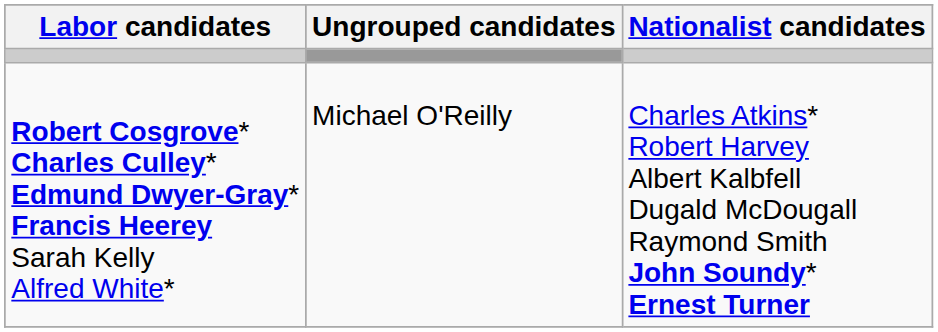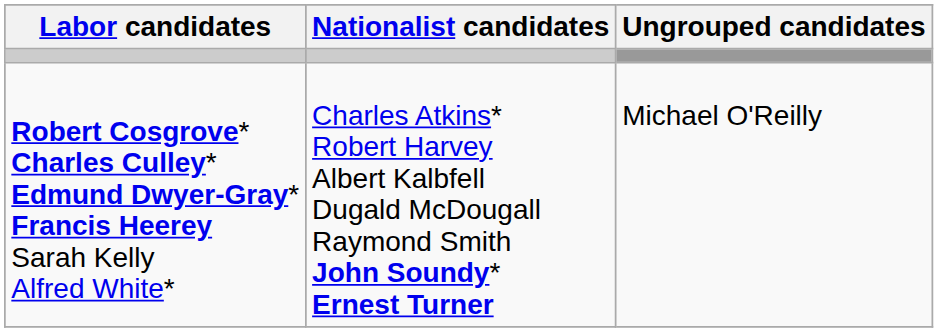 <table class="wikitable">
 <tr>
 <th><a href='#'>Labor</a> candidates</th>
+<th><a href='#'>Nationalist</a> candidates</th>
 <th>Ungrouped candidates</th>
-<th><a href='#'>Nationalist</a> candidates</th>
 </tr>
 <tr bgcolor="#cccccc">
 <td></td>
+<td></td>
 <td bgcolor="#999999"></td>
-<td></td>
 </tr>
 <tr>
 <td><br><strong><a href='#'>Robert Cosgrove</a></strong>*<br> <strong><a href='#'>Charles Culley</a></strong>*<br> <strong><a href='#'>Edmund Dwyer-Gray</a></strong>*<br> <strong><a href='#'>Francis Heerey</a></strong><br> Sarah Kelly<br> <a href='#'>Alfred White</a>*</td>
+<td><br><a href='#'>Charles Atkins</a>*<br> <a href='#'>Robert Harvey</a><br> Albert Kalbfell<br> Dugald McDougall<br> Raymond Smith<br> <strong><a href='#'>John Soundy</a></strong>*<br> <strong><a href='#'>Ernest Turner</a></strong></td>
 <td valign=top><br>Michael O'Reilly</td>
-<td><br><a href='#'>Charles Atkins</a>*<br> <a href='#'>Robert Harvey</a><br> Albert Kalbfell<br> Dugald McDougall<br> Raymond Smith<br> <strong><a href='#'>John Soundy</a></strong>*<br> <strong><a href='#'>Ernest Turner</a></strong></td>
 </tr>
 </table>
